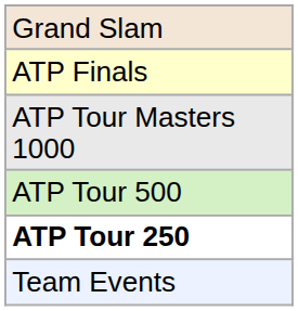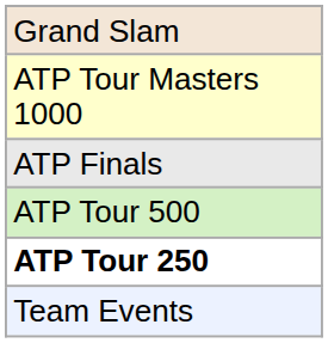 <table class="wikitable" style="font-size:85%; width:11%;">
 <tr>
 </tr>
 <tr style="background:#f3e6d7;">
 <td>Grand Slam</td>
 </tr>
 <tr style="background:#ffc;">
-<td>ATP Finals</td>
+<td>ATP Tour Masters 1000</td>
 </tr>
 <tr style="background:#e9e9e9;">
-<td>ATP Tour Masters 1000</td>
+<td>ATP Finals</td>
 </tr>
 <tr style="background:#d4f1c5;">
 <td>ATP Tour 500</td>
 </tr>
 <tr style="background:#fff;">
 <td><strong>ATP Tour 250</strong></td>
 </tr>
 <tr style="background:#ecf2ff;">
 <td>Team Events</td>
 </tr>
 </table>
